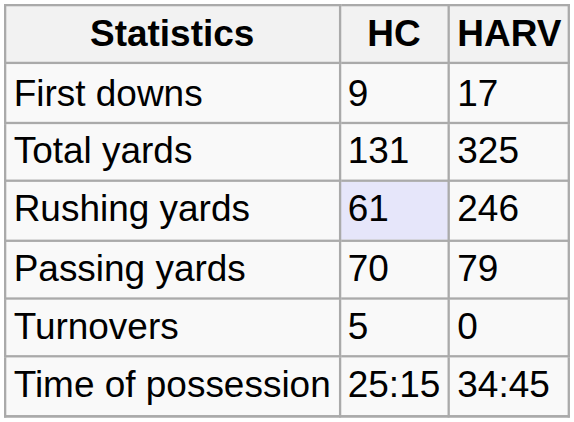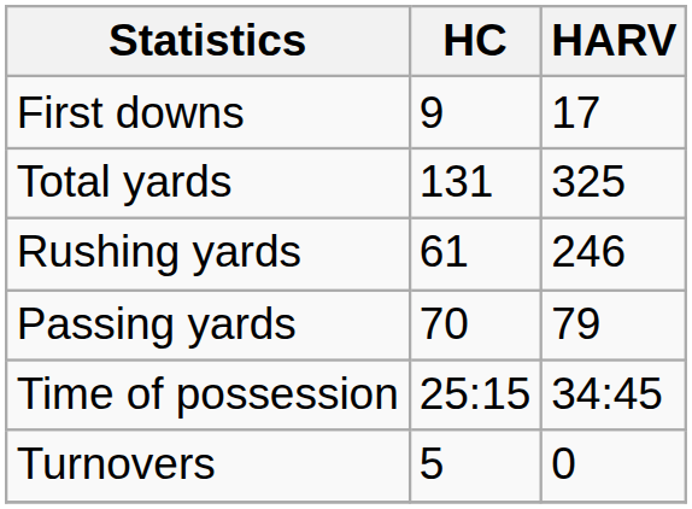 <table class="wikitable">
 <tr>
 <th>Statistics</th>
 <th>HC</th>
 <th>HARV</th>
 </tr>
 <tr>
 <td>First downs</td>
 <td>9</td>
 <td>17</td>
 </tr>
 <tr>
 <td>Total yards</td>
 <td>131</td>
 <td>325</td>
 </tr>
 <tr>
 <td>Rushing yards</td>
-<td style="background: lavender;">61</td>
+<td>61</td>
 <td>246</td>
 </tr>
 <tr>
 <td>Passing yards</td>
 <td>70</td>
 <td>79</td>
 </tr>
 <tr>
+<td>Time of possession</td>
+<td>25:15</td>
+<td>34:45</td>
+</tr>
+<tr>
 <td>Turnovers</td>
 <td>5</td>
 <td>0</td>
 </tr>
 <tr>
-<td>Time of possession</td>
-<td>25:15</td>
-<td>34:45</td>
-</tr>
-<tr>
 </tr>
 </table>
